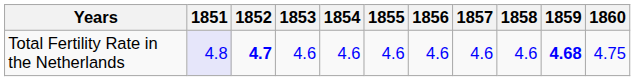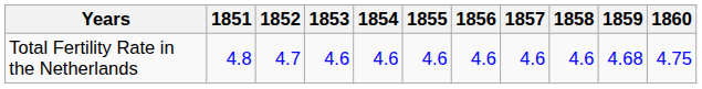 <table class="wikitable " style="text-align:right">
 <tr>
 <th>Years</th>
 <th>1851</th>
 <th>1852</th>
 <th>1853</th>
 <th>1854</th>
 <th>1855</th>
 <th>1856</th>
 <th>1857</th>
 <th>1858</th>
 <th>1859</th>
 <th>1860</th>
 </tr>
 <tr>
 <td align="left">Total Fertility Rate in the Netherlands</td>
-<td style="background: lavender; text-align:right; color:blue;">4.8</td>
-<td style="text-align:right; color:blue;"><strong>4.7</strong></td>
+<td style="text-align:right; color:blue;">4.8</td>
+<td style="text-align:right; color:blue;">4.7</td>
 <td style="text-align:right; color:blue;">4.6</td>
 <td style="text-align:right; color:blue;">4.6</td>
 <td style="text-align:right; color:blue;">4.6</td>
 <td style="text-align:right; color:blue;">4.6</td>
 <td style="text-align:right; color:blue;">4.6</td>
 <td style="text-align:right; color:blue;">4.6</td>
-<td style="text-align:right; color:blue;"><strong>4.68</strong></td>
+<td style="text-align:right; color:blue;">4.68</td>
 <td style="text-align:right; color:blue;">4.75</td>
 </tr>
 </table>
